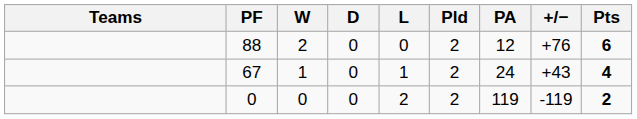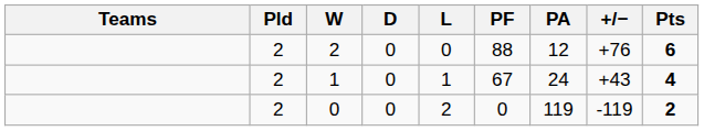 <table class="wikitable" style="text-align: center;">
 <tr>
 <th width="200">Teams</th>
-<th width="40">PF</th>
+<th width="40">Pld</th>
 <th width="40">W</th>
 <th width="40">D</th>
 <th width="40">L</th>
-<th width="40">Pld</th>
+<th width="40">PF</th>
 <th width="40">PA</th>
 <th width="40">+/−</th>
 <th width="40">Pts</th>
 </tr>
 <tr>
 <td align=left></td>
-<td>88</td>
+<td>2</td>
 <td>2</td>
 <td>0</td>
 <td>0</td>
-<td>2</td>
+<td>88</td>
 <td>12</td>
 <td>+76</td>
 <td><strong>6</strong></td>
 </tr>
 <tr>
 <td align=left></td>
-<td>67</td>
+<td>2</td>
 <td>1</td>
 <td>0</td>
 <td>1</td>
-<td>2</td>
+<td>67</td>
 <td>24</td>
 <td>+43</td>
 <td><strong>4</strong></td>
 </tr>
 <tr>
 <td align=left></td>
-<td>0</td>
+<td>2</td>
 <td>0</td>
 <td>0</td>
 <td>2</td>
-<td>2</td>
+<td>0</td>
 <td>119</td>
 <td>-119</td>
 <td><strong>2</strong></td>
 </tr>
 </table>
